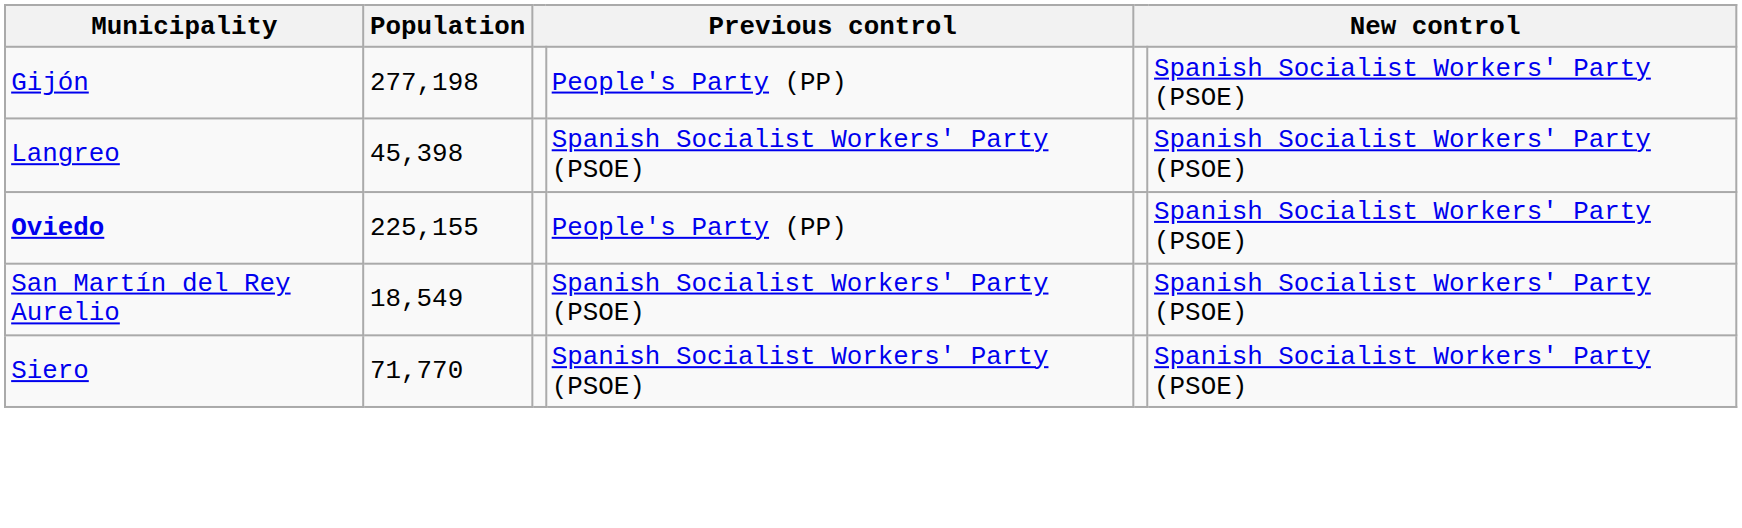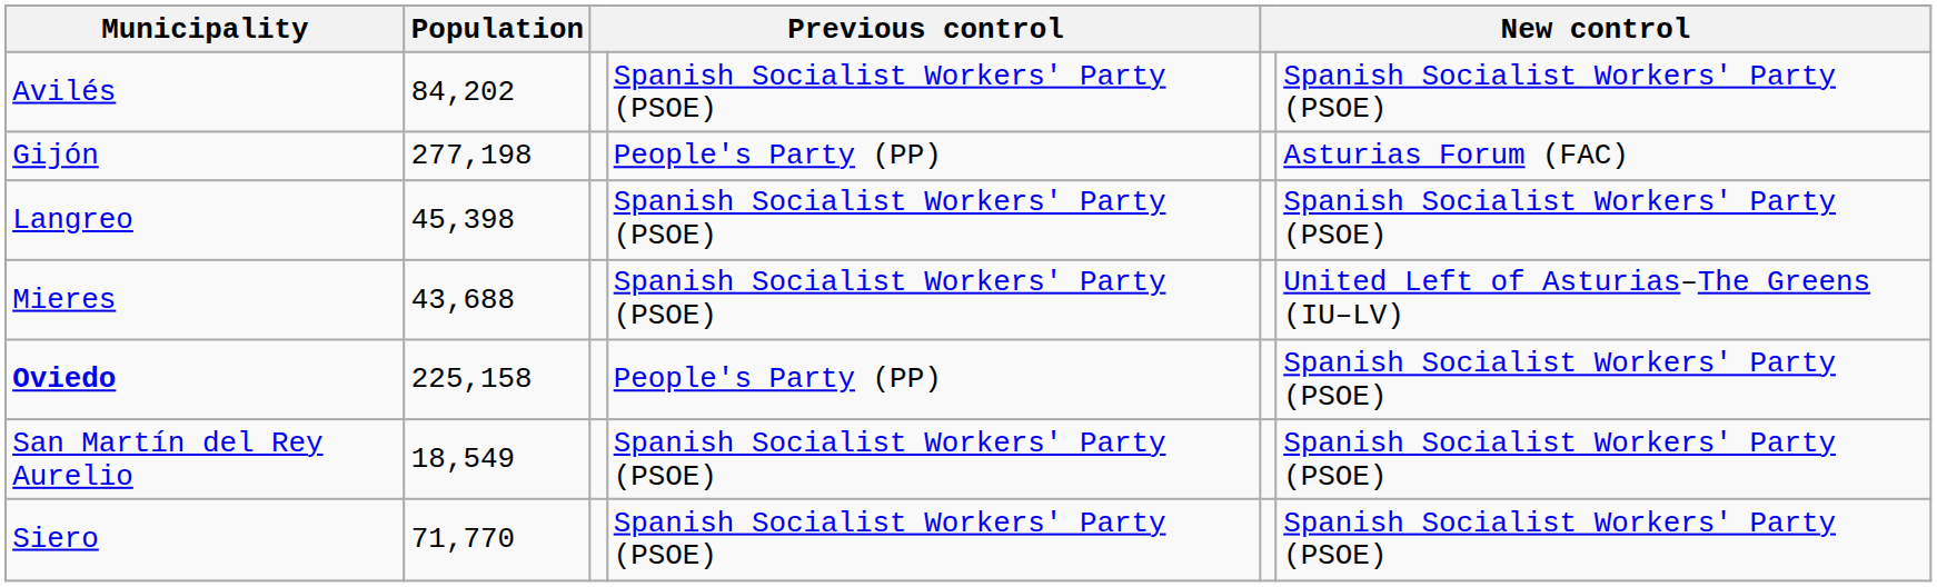 <table class="wikitable sortable">
 <tr>
 <th>Municipality</th>
 <th>Population</th>
 <th colspan="2" style="width:375px;">Previous control</th>
 <th colspan="2" style="width:375px;">New control</th>
 </tr>
 <tr>
+<td><a href='#'>Avilés</a></td>
+<td>84,202</td>
+<td width="1" style="color:inherit;background:"></td>
+<td><a href='#'>Spanish Socialist Workers' Party</a> (PSOE)</td>
+<td width="1" style="color:inherit;background:"></td>
+<td><a href='#'>Spanish Socialist Workers' Party</a> (PSOE)</td>
+</tr>
+<tr>
 <td><a href='#'>Gijón</a></td>
 <td>277,198</td>
 <td style="color:inherit;background:"></td>
 <td><a href='#'>People's Party</a> (PP)</td>
 <td style="color:inherit;background:"></td>
-<td><a href='#'>Spanish Socialist Workers' Party</a> (PSOE)</td>
+<td><a href='#'>Asturias Forum</a> (FAC)</td>
 </tr>
 <tr>
 <td><a href='#'>Langreo</a></td>
 <td>45,398</td>
 <td style="color:inherit;background:"></td>
 <td><a href='#'>Spanish Socialist Workers' Party</a> (PSOE)</td>
 <td style="color:inherit;background:"></td>
 <td><a href='#'>Spanish Socialist Workers' Party</a> (PSOE)</td>
 </tr>
 <tr>
+<td><a href='#'>Mieres</a></td>
+<td>43,688</td>
+<td style="color:inherit;background:"></td>
+<td><a href='#'>Spanish Socialist Workers' Party</a> (PSOE)</td>
+<td style="color:inherit;background:"></td>
+<td><a href='#'>United Left of Asturias</a>–<a href='#'>The Greens</a> (IU–LV)</td>
+</tr>
+<tr>
 <td><strong><a href='#'>Oviedo</a></strong></td>
-<td>225,155</td>
+<td>225,158</td>
 <td style="color:inherit;background:"></td>
 <td><a href='#'>People's Party</a> (PP)</td>
 <td style="color:inherit;background:"></td>
 <td><a href='#'>Spanish Socialist Workers' Party</a> (PSOE)</td>
 </tr>
 <tr>
 <td><a href='#'>San Martín del Rey Aurelio</a></td>
 <td>18,549</td>
 <td style="color:inherit;background:"></td>
 <td><a href='#'>Spanish Socialist Workers' Party</a> (PSOE)</td>
 <td style="color:inherit;background:"></td>
 <td><a href='#'>Spanish Socialist Workers' Party</a> (PSOE)</td>
 </tr>
 <tr>
 <td><a href='#'>Siero</a></td>
 <td>71,770</td>
 <td style="color:inherit;background:"></td>
 <td><a href='#'>Spanish Socialist Workers' Party</a> (PSOE)</td>
 <td style="color:inherit;background:"></td>
 <td><a href='#'>Spanish Socialist Workers' Party</a> (PSOE)</td>
 </tr>
 </table>
